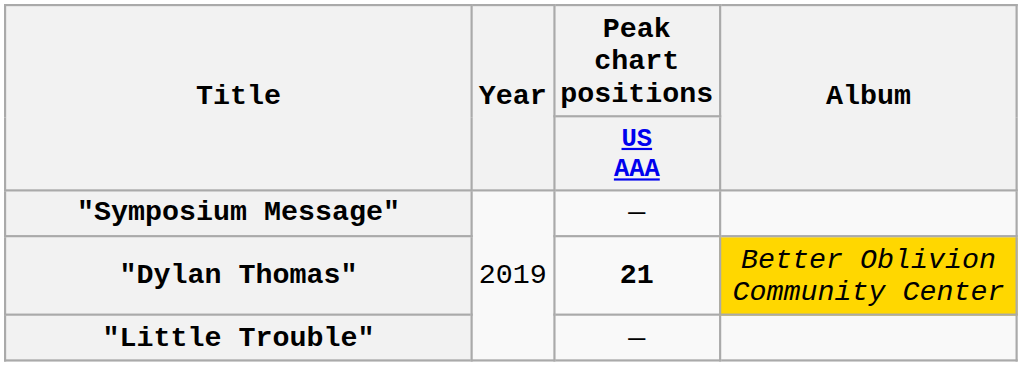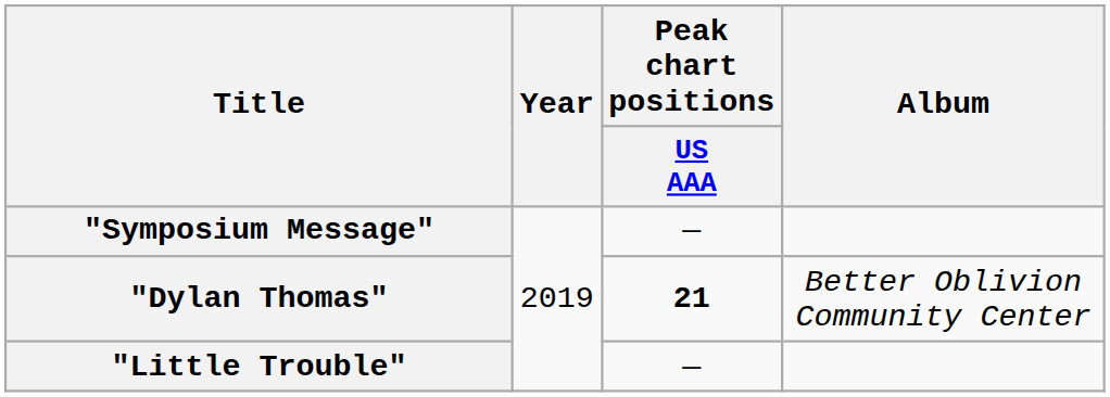 <table class="wikitable plainrowheaders" style="text-align:center;">
 <tr>
 <th scope="col" rowspan="2" style="width:16em;">Title</th>
 <th scope="col" rowspan="2" style="width:1em;">Year</th>
 <th scope="col" colspan="1">Peak chart positions</th>
 <th scope="col" rowspan="2" style="width:10em;">Album</th>
 </tr>
 <tr>
 <th scope="col" style="width:2.5em;font-size:90%;"><a href='#'>US<br>AAA</a><br></th>
 </tr>
 <tr>
 <th scope="row">"Symposium Message"</th>
 <td rowspan="3">2019</td>
 <td>—</td>
 <td></td>
 </tr>
 <tr>
 <th scope="row">"Dylan Thomas"</th>
 <td><strong>21</strong></td>
-<td style="background: gold;"><em>Better Oblivion Community Center</em></td>
+<td><em>Better Oblivion Community Center</em></td>
 </tr>
 <tr>
 <th scope="row">"Little Trouble"</th>
 <td>—</td>
 <td></td>
 </tr>
 </table>
